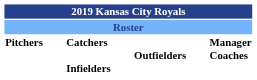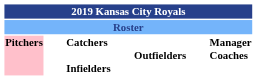 <table class="toccolours" style="font-size: 95%;">
 <tr>
 <th colspan="10" style="background-color: #27408B; color: #FFFFFF; text-align: center;">2019 Kansas City Royals</th>
 </tr>
 <tr>
 <td colspan="10" style="background-color: #74B4FA; color: #27408B; text-align: center;"><strong>Roster</strong></td>
 </tr>
 <tr>
-<td valign="top"><strong>Pitchers</strong><br>                          </td>
+<td valign="top" style="background: pink;"><strong>Pitchers</strong><br>                          </td>
 <td width="25px"></td>
 <td valign="top"><strong>Catchers</strong><br>   <br><strong>Infielders</strong>           </td>
 <td width="25px"></td>
 <td valign="top"><br><strong>Outfielders</strong>         </td>
 <td width="25px"></td>
 <td valign="top"><strong>Manager</strong><br> <strong>Coaches</strong>                </td>
 </tr>
 </table>
